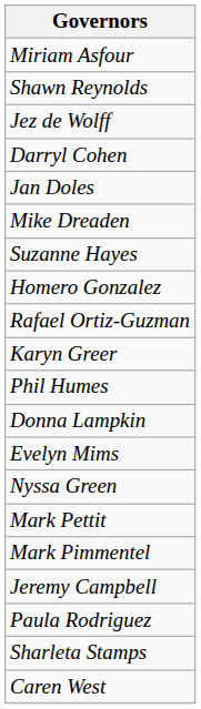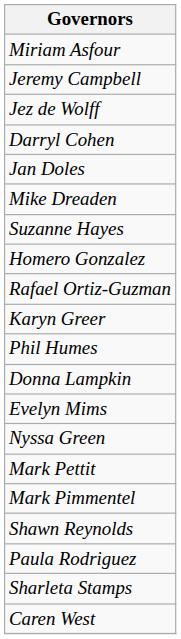 <table class="wikitable">
 <tr>
 <th>Governors</th>
 </tr>
 <tr>
 <td><em>Miriam Asfour</em></td>
 </tr>
 <tr>
-<td><em>Shawn Reynolds</em></td>
+<td><em>Jeremy Campbell</em></td>
 </tr>
 <tr>
 <td><em>Jez de Wolff</em></td>
 </tr>
 <tr>
 <td><em>Darryl Cohen</em></td>
 </tr>
 <tr>
 <td><em>Jan Doles</em></td>
 </tr>
 <tr>
 <td><em>Mike Dreaden </em></td>
 </tr>
 <tr>
 <td><em>Suzanne Hayes</em></td>
 </tr>
 <tr>
 <td><em>Homero Gonzalez</em></td>
 </tr>
 <tr>
 <td><em>Rafael Ortiz-Guzman</em></td>
 </tr>
 <tr>
 <td><em>Karyn Greer</em></td>
 </tr>
 <tr>
 <td><em>Phil Humes</em></td>
 </tr>
 <tr>
 <td><em>Donna Lampkin</em></td>
 </tr>
 <tr>
 <td><em>Evelyn Mims</em></td>
 </tr>
 <tr>
 <td><em>Nyssa Green</em></td>
 </tr>
 <tr>
 <td><em>Mark Pettit</em></td>
 </tr>
 <tr>
 <td><em>Mark Pimmentel</em></td>
 </tr>
 <tr>
-<td><em>Jeremy Campbell</em></td>
+<td><em>Shawn Reynolds</em></td>
 </tr>
 <tr>
 <td><em>Paula Rodriguez</em></td>
 </tr>
 <tr>
 <td><em>Sharleta Stamps</em></td>
 </tr>
 <tr>
 <td><em>Caren West</em></td>
 </tr>
 <tr>
 </tr>
 </table>
